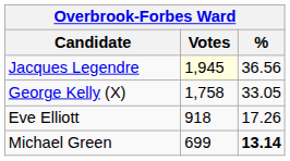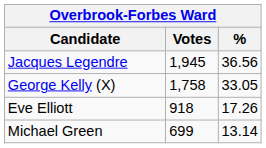 <table class="wikitable">
 <tr>
 <th colspan="3"><a href='#'>Overbrook-Forbes Ward</a></th>
 </tr>
 <tr>
 <th style="width: 170px">Candidate</th>
 <th style="width: 50px">Votes</th>
 <th style="width: 40px">%</th>
 </tr>
 <tr>
 <td><a href='#'>Jacques Legendre</a></td>
-<td style="background: lightyellow;">1,945</td>
+<td>1,945</td>
 <td>36.56</td>
 </tr>
 <tr>
 <td><a href='#'>George Kelly</a> (X)</td>
 <td>1,758</td>
 <td>33.05</td>
 </tr>
 <tr>
 <td>Eve Elliott</td>
 <td>918</td>
 <td>17.26</td>
 </tr>
 <tr>
 <td>Michael Green</td>
 <td>699</td>
-<td><strong>13.14</strong></td>
+<td>13.14</td>
 </tr>
 </table>
